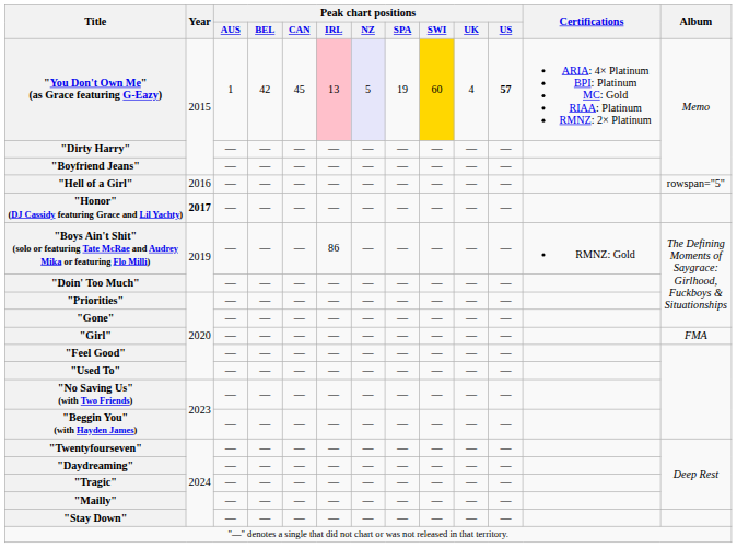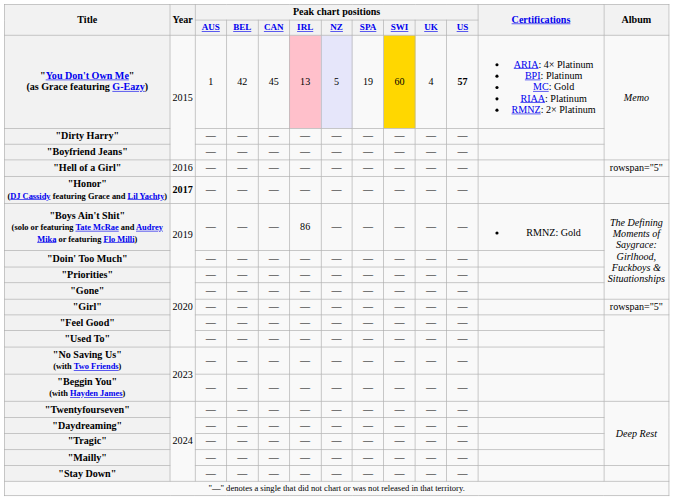 <table class="wikitable plainrowheaders" style="text-align:center;">
 <tr>
 <th scope="col" rowspan="2" style="width:16em;">Title</th>
 <th scope="col" rowspan="2" style="width:1em;">Year</th>
 <th scope="col" colspan="9">Peak chart positions</th>
 <th scope="col" rowspan="2" style="width:12em;"><a href='#'>Certifications</a></th>
 <th scope="col" rowspan="2" style="width:6em;">Album</th>
 </tr>
 <tr>
 <th scope="col" style="width:3em;font-size:90%;"><a href='#'>AUS</a><br></th>
 <th scope="col" style="width:3em;font-size:90%;"><a href='#'>BEL</a><br></th>
 <th scope="col" style="width:3em;font-size:90%;"><a href='#'>CAN</a><br></th>
 <th scope="col" style="width:3em;font-size:90%;"><a href='#'>IRL</a><br></th>
 <th scope="col" style="width:3em;font-size:90%;"><a href='#'>NZ</a><br></th>
 <th scope="col" style="width:3em;font-size:90%;"><a href='#'>SPA</a><br></th>
 <th scope="col" style="width:3em;font-size:90%;"><a href='#'>SWI</a><br></th>
 <th scope="col" style="width:3em;font-size:90%;"><a href='#'>UK</a><br></th>
 <th scope="col" style="width:3em;font-size:90%;"><a href='#'>US</a><br></th>
 </tr>
 <tr>
 <th scope="row">"<a href='#'>You Don't Own Me</a>"<br><span>(as Grace featuring <a href='#'>G-Eazy</a>)</span></th>
 <td rowspan="3">2015</td>
 <td>1</td>
 <td>42</td>
 <td>45</td>
 <td style="background: pink;">13</td>
 <td style="background: lavender;">5</td>
 <td>19</td>
 <td style="background: gold;">60</td>
 <td>4</td>
 <td><strong>57</strong></td>
 <td><br><ul><li><a href='#'>ARIA</a>: 4× Platinum</li><li><a href='#'>BPI</a>: Platinum</li><li><a href='#'>MC</a>: Gold</li><li><a href='#'>RIAA</a>: Platinum</li><li><a href='#'>RMNZ</a>: 2× Platinum</li></ul></td>
 <td rowspan="3"><em>Memo</em></td>
 </tr>
 <tr>
 <th scope="row">"Dirty Harry"<br></th>
 <td>—</td>
 <td>—</td>
 <td>—</td>
 <td>—</td>
 <td>—</td>
 <td>—</td>
 <td>—</td>
 <td>—</td>
 <td>—</td>
 <td></td>
 </tr>
 <tr>
 <th scope="row">"Boyfriend Jeans"<br></th>
 <td>—</td>
 <td>—</td>
 <td>—</td>
 <td>—</td>
 <td>—</td>
 <td>—</td>
 <td>—</td>
 <td>—</td>
 <td>—</td>
 <td></td>
 </tr>
 <tr>
 <th scope="row">"Hell of a Girl"<br></th>
 <td>2016</td>
 <td>—</td>
 <td>—</td>
 <td>—</td>
 <td>—</td>
 <td>—</td>
 <td>—</td>
 <td>—</td>
 <td>—</td>
 <td>—</td>
 <td></td>
 <td>rowspan="5" </td>
 </tr>
 <tr>
 <th scope="row">"Honor"<br><small>(<a href='#'>DJ Cassidy</a> featuring Grace and <a href='#'>Lil Yachty</a>)</small></th>
 <td><strong>2017</strong></td>
 <td>—</td>
 <td>—</td>
 <td>—</td>
 <td>—</td>
 <td>—</td>
 <td>—</td>
 <td>—</td>
 <td>—</td>
 <td>—</td>
 <td></td>
 <td></td>
 </tr>
 <tr>
 <th scope="row">"Boys Ain't Shit"<br><small>(solo or featuring <a href='#'>Tate McRae</a> and <a href='#'>Audrey Mika</a> or featuring <a href='#'>Flo Milli</a>)</small></th>
 <td rowspan="2">2019</td>
 <td>—</td>
 <td>—</td>
 <td>—</td>
 <td>86</td>
 <td>—</td>
 <td>—</td>
 <td>—</td>
 <td>—</td>
 <td>—</td>
 <td><br><ul><li>RMNZ: Gold</li></ul></td>
 <td rowspan="4"><em>The Defining Moments of Saygrace: Girlhood, Fuckboys & Situationships</em></td>
 </tr>
 <tr>
 <th scope="row">"Doin' Too Much"</th>
 <td>—</td>
 <td>—</td>
 <td>—</td>
 <td>—</td>
 <td>—</td>
 <td>—</td>
 <td>—</td>
 <td>—</td>
 <td>—</td>
 <td></td>
 </tr>
 <tr>
 <th scope="row">"Priorities"</th>
 <td rowspan="5">2020</td>
 <td>—</td>
 <td>—</td>
 <td>—</td>
 <td>—</td>
 <td>—</td>
 <td>—</td>
 <td>—</td>
 <td>—</td>
 <td>—</td>
 <td></td>
 </tr>
 <tr>
 <th scope="row">"Gone"</th>
 <td>—</td>
 <td>—</td>
 <td>—</td>
 <td>—</td>
 <td>—</td>
 <td>—</td>
 <td>—</td>
 <td>—</td>
 <td>—</td>
 <td></td>
 </tr>
 <tr>
 <th scope="row">"Girl"</th>
 <td>—</td>
 <td>—</td>
 <td>—</td>
 <td>—</td>
 <td>—</td>
 <td>—</td>
 <td>—</td>
 <td>—</td>
 <td>—</td>
 <td></td>
-<td><em>FMA</em></td>
+<td>rowspan="5" </td>
 </tr>
 <tr>
 <th scope="row">"Feel Good"</th>
 <td>—</td>
 <td>—</td>
 <td>—</td>
 <td>—</td>
 <td>—</td>
 <td>—</td>
 <td>—</td>
 <td>—</td>
 <td>—</td>
 <td></td>
 </tr>
 <tr>
 <th scope="row">"Used To"</th>
 <td>—</td>
 <td>—</td>
 <td>—</td>
 <td>—</td>
 <td>—</td>
 <td>—</td>
 <td>—</td>
 <td>—</td>
 <td>—</td>
 <td></td>
 </tr>
 <tr>
 <th scope="row">"No Saving Us"<br><small>(with <a href='#'>Two Friends</a>)</small></th>
 <td rowspan="2">2023</td>
 <td>—</td>
 <td>—</td>
 <td>—</td>
 <td>—</td>
 <td>—</td>
 <td>—</td>
 <td>—</td>
 <td>—</td>
 <td>—</td>
 <td></td>
 </tr>
 <tr>
 <th scope="row">"Beggin You"<br><small>(with <a href='#'>Hayden James</a>)</small></th>
 <td>—</td>
 <td>—</td>
 <td>—</td>
 <td>—</td>
 <td>—</td>
 <td>—</td>
 <td>—</td>
 <td>—</td>
 <td>—</td>
 <td></td>
 </tr>
 <tr>
 <th scope="row">"Twentyfourseven"</th>
 <td rowspan="5">2024</td>
 <td>—</td>
 <td>—</td>
 <td>—</td>
 <td>—</td>
 <td>—</td>
 <td>—</td>
 <td>—</td>
 <td>—</td>
 <td>—</td>
 <td></td>
 <td rowspan="4"><em>Deep Rest</em></td>
 </tr>
 <tr>
 <th scope="row">"Daydreaming"</th>
 <td>—</td>
 <td>—</td>
 <td>—</td>
 <td>—</td>
 <td>—</td>
 <td>—</td>
 <td>—</td>
 <td>—</td>
 <td>—</td>
 <td></td>
 </tr>
 <tr>
 <th scope="row">"Tragic"</th>
 <td>—</td>
 <td>—</td>
 <td>—</td>
 <td>—</td>
 <td>—</td>
 <td>—</td>
 <td>—</td>
 <td>—</td>
 <td>—</td>
 <td></td>
 </tr>
 <tr>
 <th scope="row">"Mailly"</th>
 <td>—</td>
 <td>—</td>
 <td>—</td>
 <td>—</td>
 <td>—</td>
 <td>—</td>
 <td>—</td>
 <td>—</td>
 <td>—</td>
 <td></td>
 </tr>
 <tr>
 <th scope="row">"Stay Down"</th>
 <td>—</td>
 <td>—</td>
 <td>—</td>
 <td>—</td>
 <td>—</td>
 <td>—</td>
 <td>—</td>
 <td>—</td>
 <td>—</td>
 <td></td>
 </tr>
 <tr>
 <td colspan="21" style="font-size:85%">"—" denotes a single that did not chart or was not released in that territory.</td>
 </tr>
 </table>
